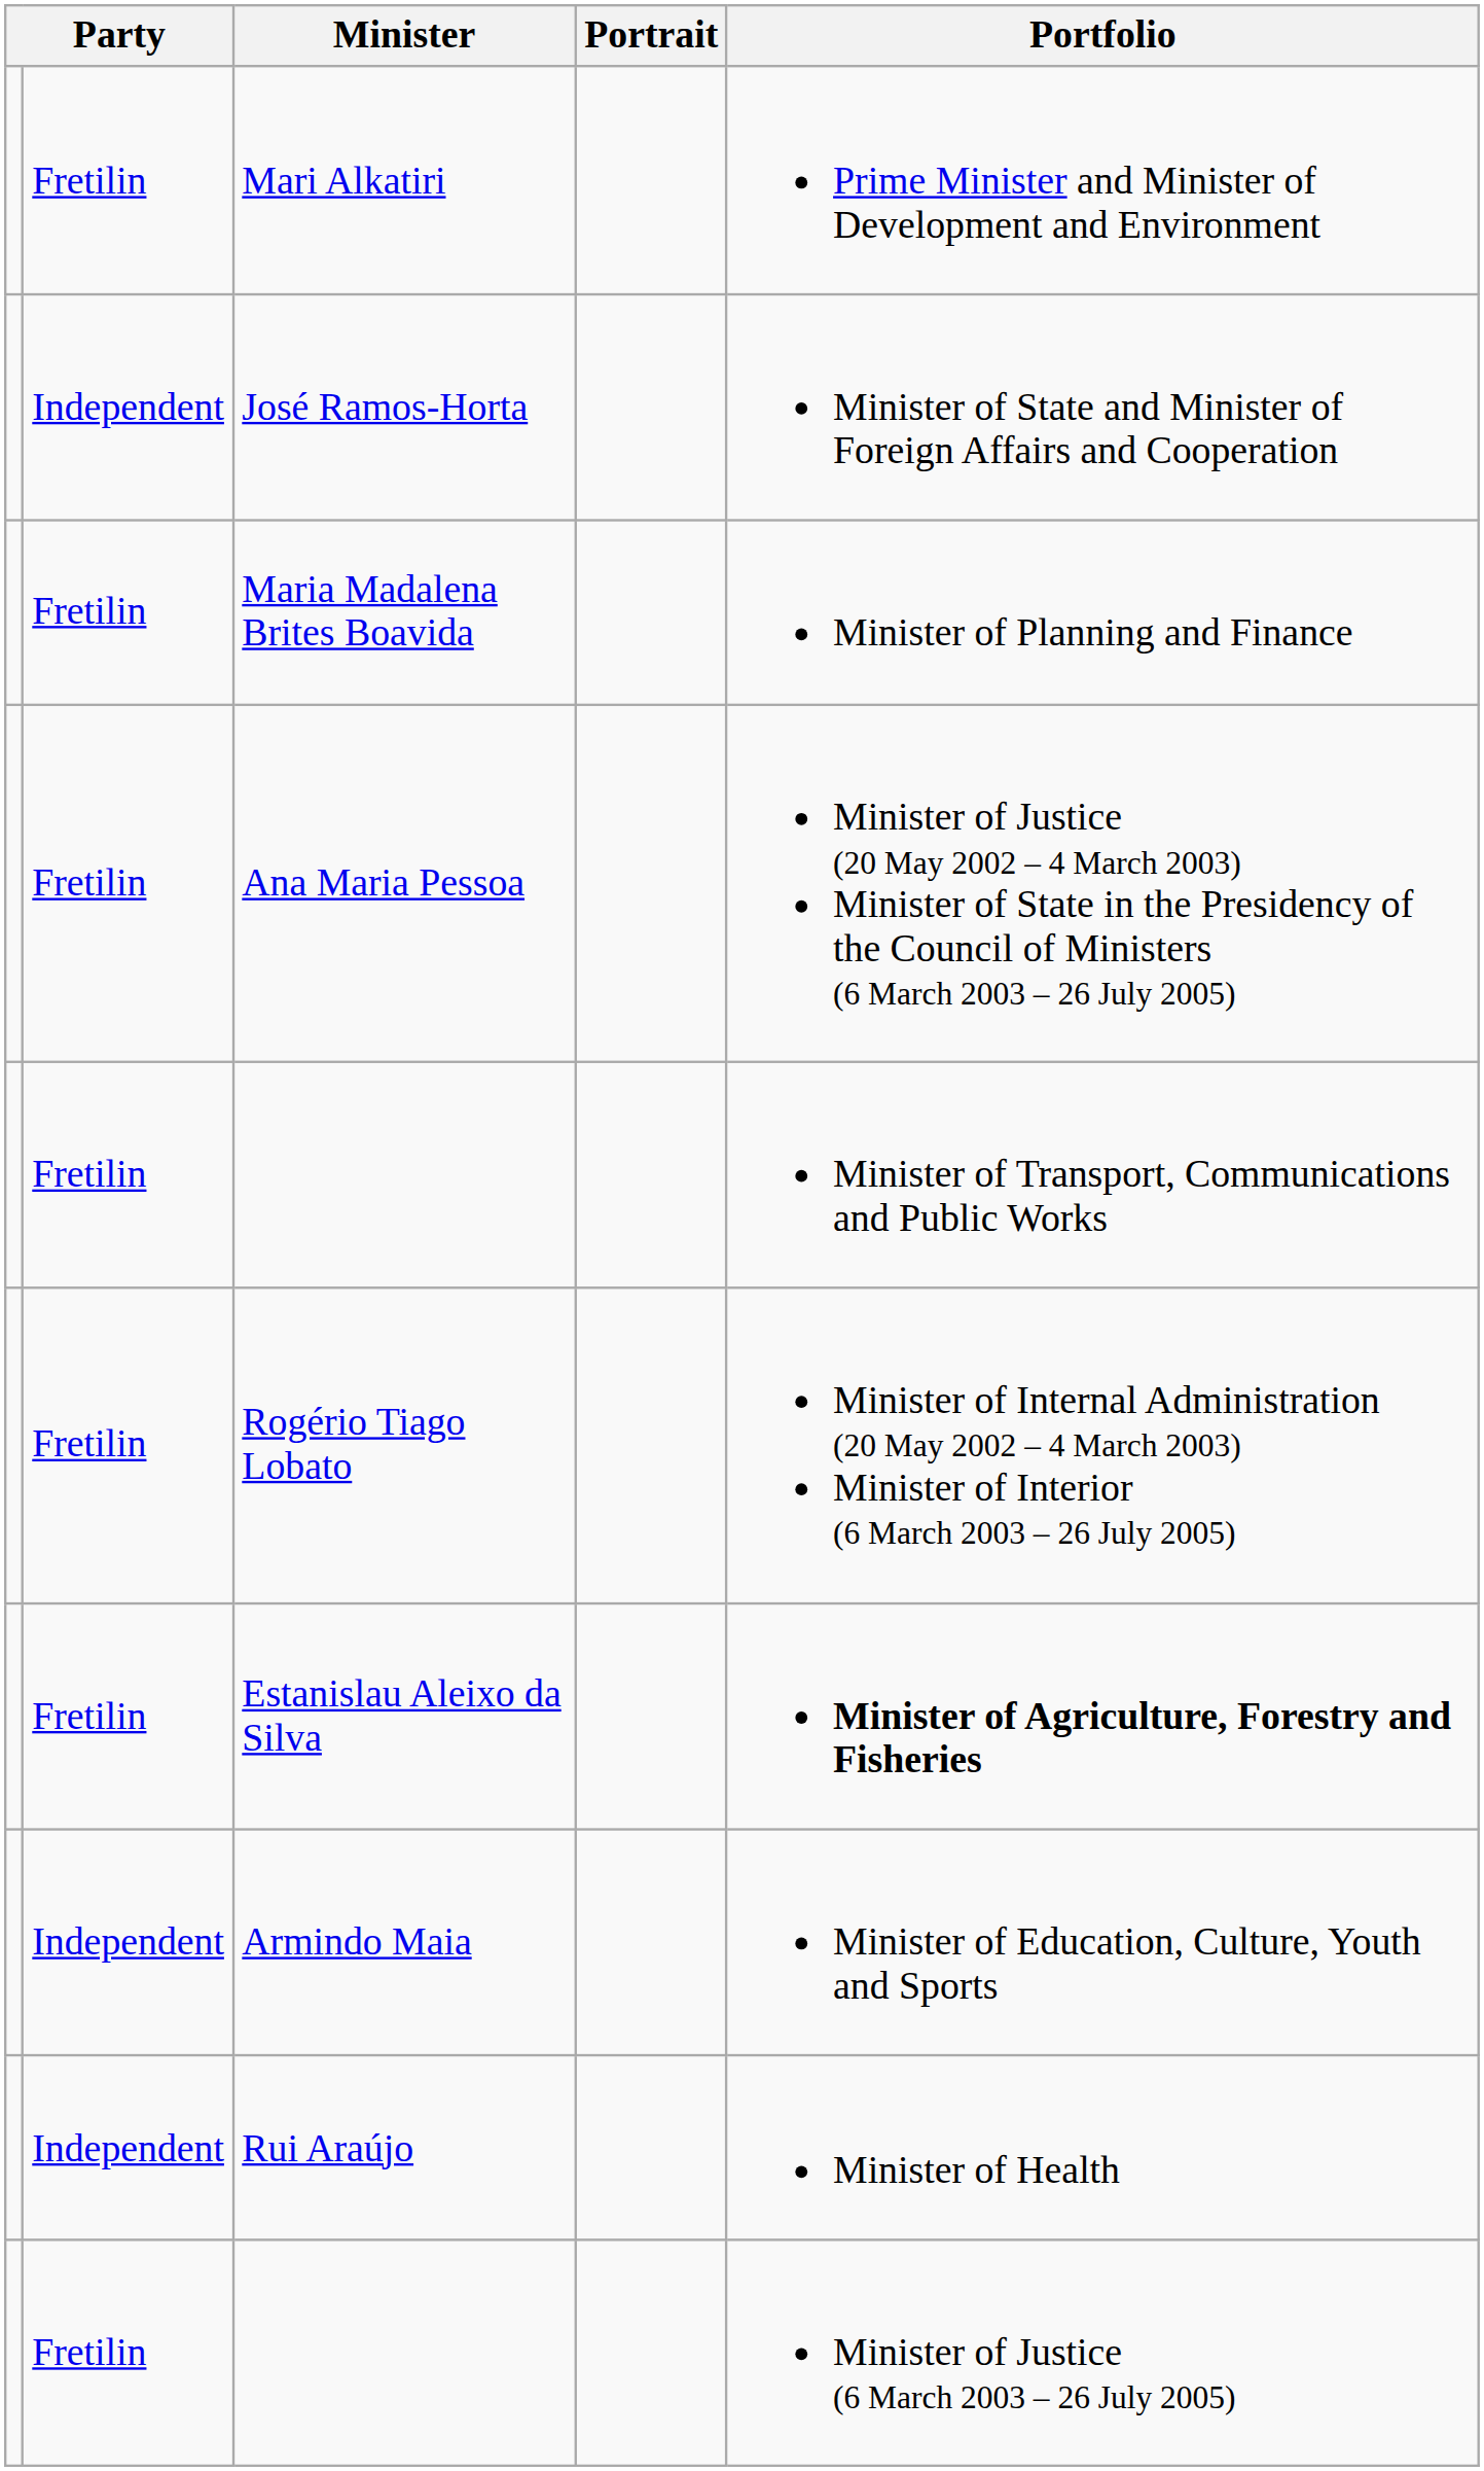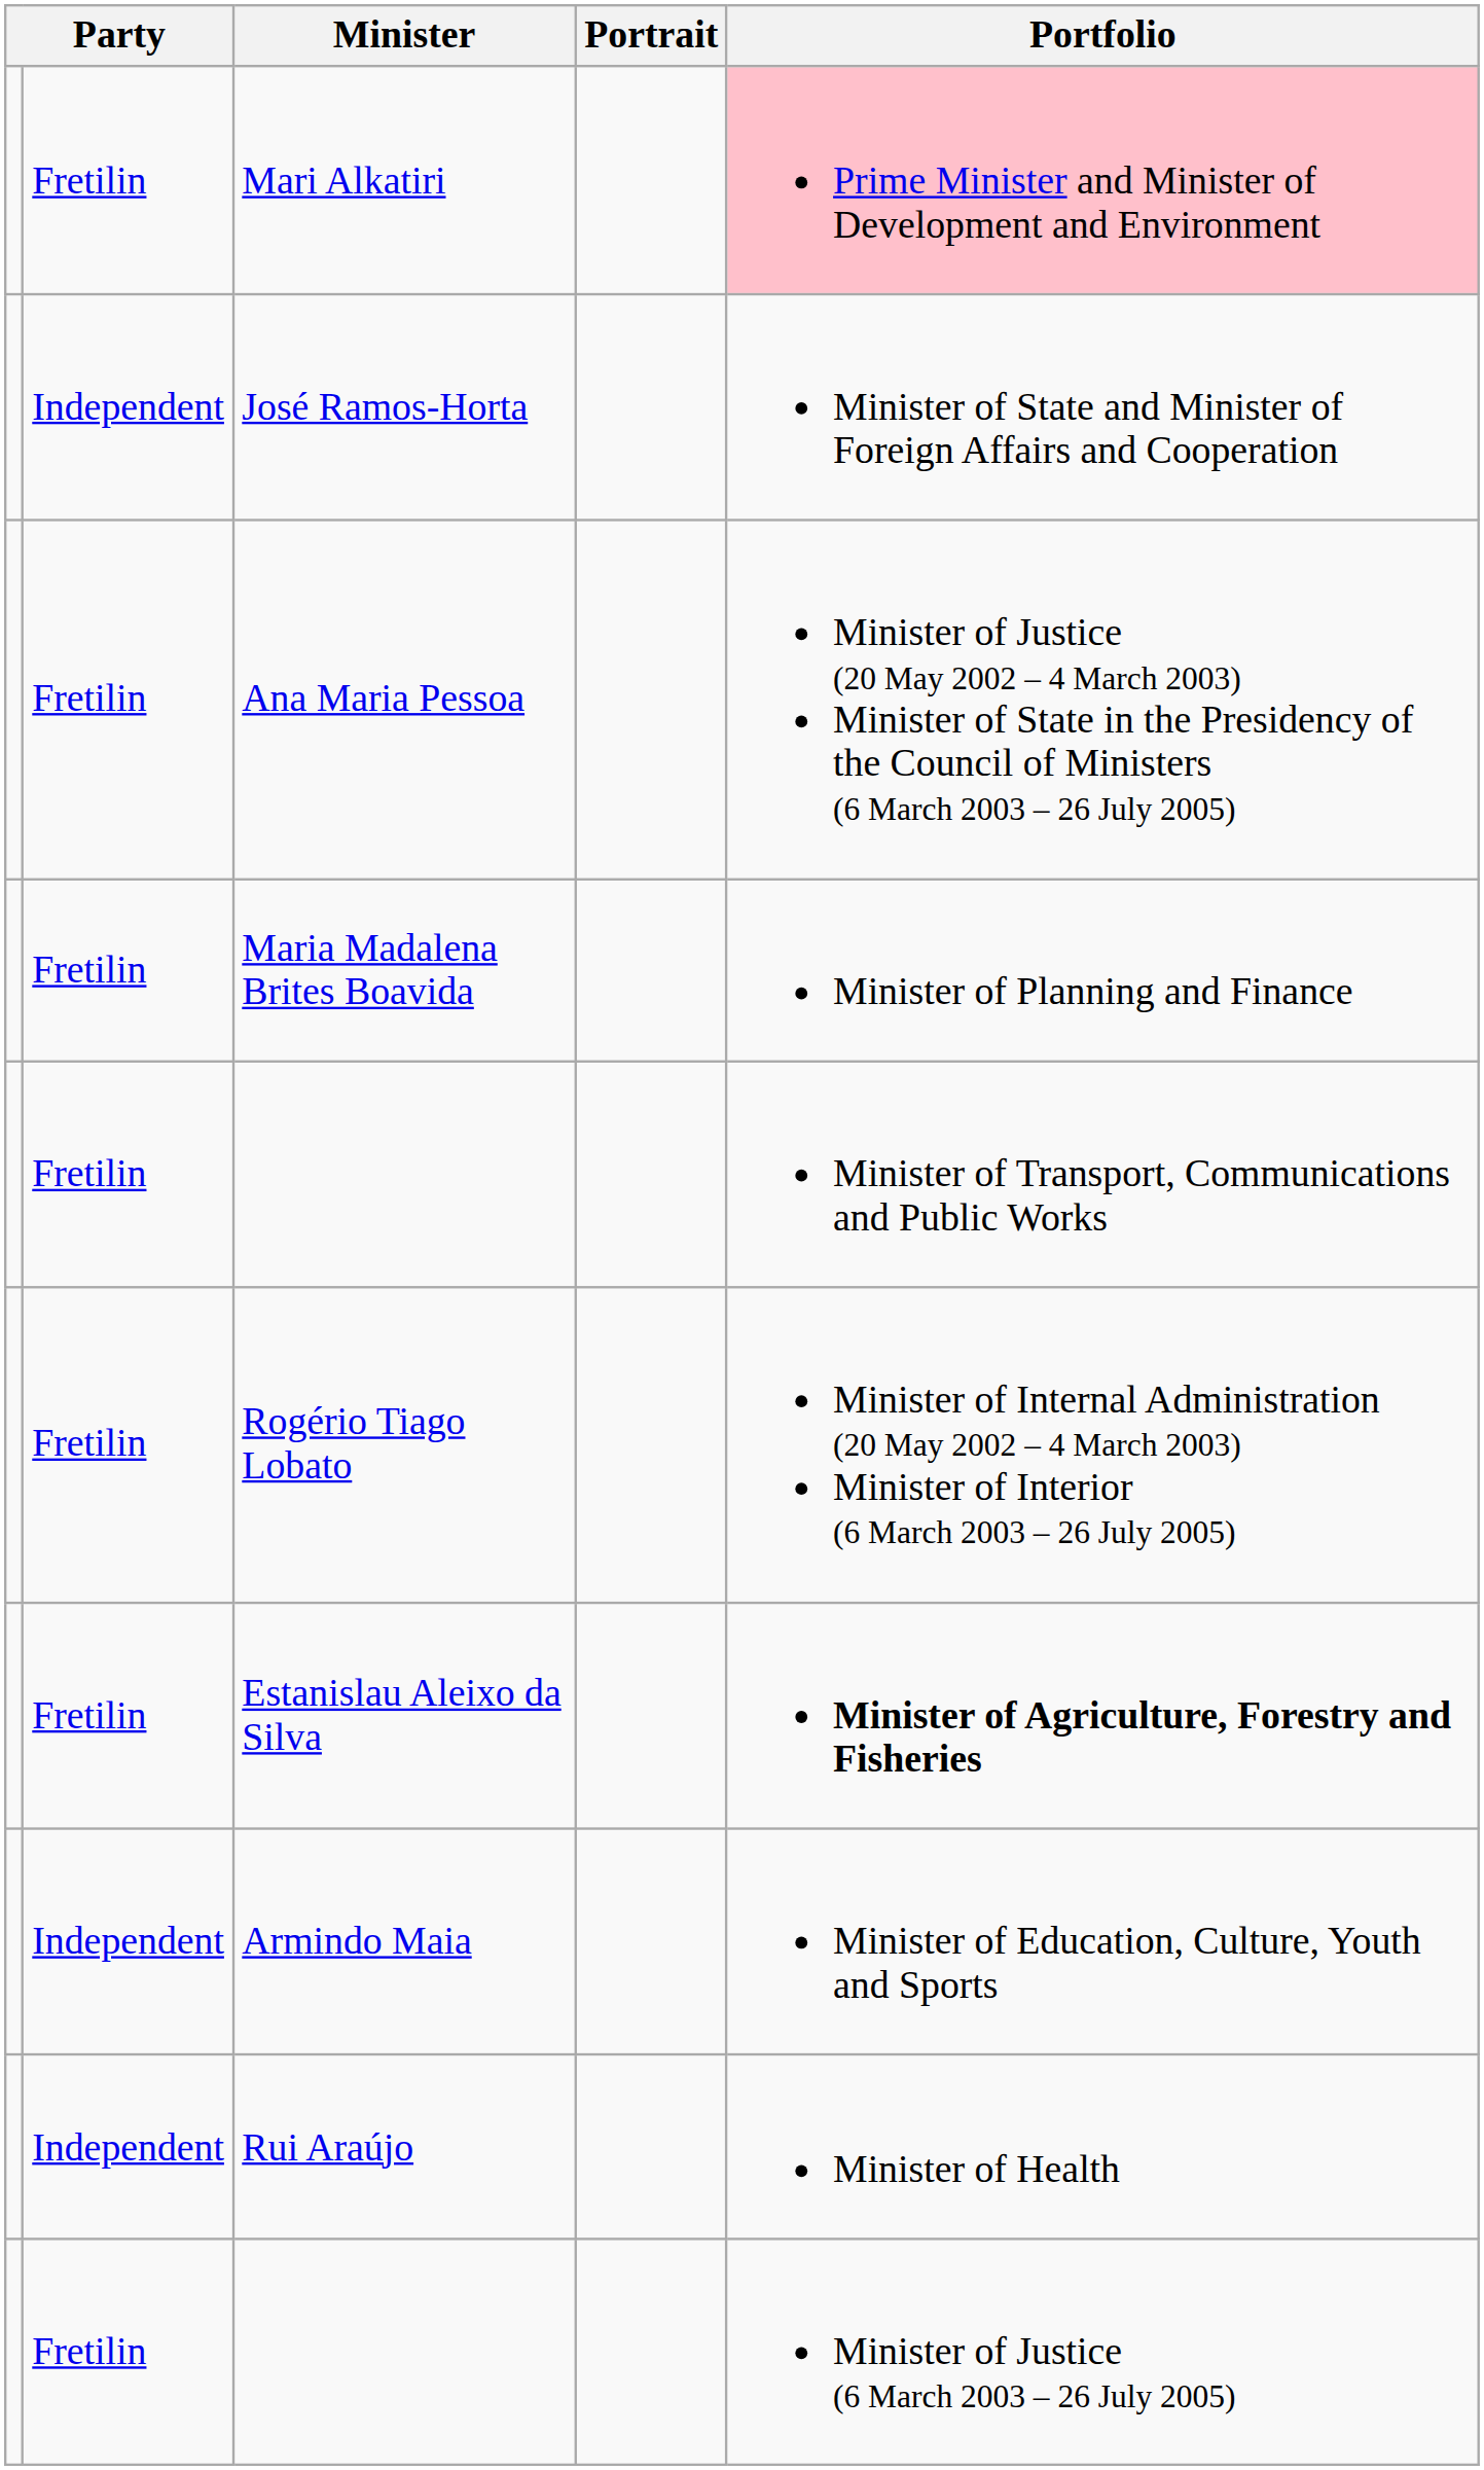 <table class="wikitable sortable">
 <tr>
 <th colspan="2">Party</th>
 <th>Minister</th>
 <th>Portrait</th>
 <th>Portfolio</th>
 </tr>
 <tr>
 <td style="background:"></td>
 <td><a href='#'>Fretilin</a></td>
 <td><a href='#'>Mari Alkatiri</a></td>
 <td></td>
-<td><br><ul><li><a href='#'>Prime Minister</a> and Minister of Development and Environment</li></ul></td>
+<td style="background: pink;"><br><ul><li><a href='#'>Prime Minister</a> and Minister of Development and Environment</li></ul></td>
 </tr>
 <tr>
 <td style="background:"></td>
 <td><a href='#'>Independent</a></td>
 <td><a href='#'>José Ramos-Horta</a></td>
 <td></td>
 <td><br><ul><li>Minister of State and Minister of Foreign Affairs and Cooperation</li></ul></td>
 </tr>
 <tr>
 <td style="background:"></td>
 <td><a href='#'>Fretilin</a></td>
-<td><a href='#'>Maria Madalena Brites Boavida</a></td>
+<td><a href='#'>Ana Maria Pessoa</a></td>
 <td></td>
-<td><br><ul><li>Minister of Planning and Finance</li></ul></td>
+<td><br><ul><li>Minister of Justice<br><small>(20 May 2002 – 4 March 2003)</small></li><li>Minister of State in the Presidency of the Council of Ministers<br><small>(6 March 2003 – 26 July 2005)</small></li></ul></td>
 </tr>
 <tr>
 <td style="background:"></td>
 <td><a href='#'>Fretilin</a></td>
-<td><a href='#'>Ana Maria Pessoa</a></td>
+<td><a href='#'>Maria Madalena Brites Boavida</a></td>
 <td></td>
-<td><br><ul><li>Minister of Justice<br><small>(20 May 2002 – 4 March 2003)</small></li><li>Minister of State in the Presidency of the Council of Ministers<br><small>(6 March 2003 – 26 July 2005)</small></li></ul></td>
+<td><br><ul><li>Minister of Planning and Finance</li></ul></td>
 </tr>
 <tr>
 <td style="background:"></td>
 <td><a href='#'>Fretilin</a></td>
 <td></td>
 <td></td>
 <td><br><ul><li>Minister of Transport, Communications and Public Works</li></ul></td>
 </tr>
 <tr>
 <td style="background:"></td>
 <td><a href='#'>Fretilin</a></td>
 <td><a href='#'>Rogério Tiago Lobato</a></td>
 <td></td>
 <td><br><ul><li>Minister of Internal Administration<br><small>(20 May 2002 – 4 March 2003)</small></li><li>Minister of Interior<br><small>(6 March 2003 – 26 July 2005)</small></li></ul></td>
 </tr>
 <tr>
 <td style="background:"></td>
 <td><a href='#'>Fretilin</a></td>
 <td><a href='#'>Estanislau Aleixo da Silva</a></td>
 <td></td>
 <td><strong><br><ul><li>Minister of Agriculture, Forestry and Fisheries</li></ul></strong></td>
 </tr>
 <tr>
 <td style="background:"></td>
 <td><a href='#'>Independent</a></td>
 <td><a href='#'>Armindo Maia</a></td>
 <td></td>
 <td><br><ul><li>Minister of Education, Culture, Youth and Sports</li></ul></td>
 </tr>
 <tr>
 <td style="background:"></td>
 <td><a href='#'>Independent</a></td>
 <td><a href='#'>Rui Araújo</a></td>
 <td></td>
 <td><br><ul><li>Minister of Health</li></ul></td>
 </tr>
 <tr>
 <td style="background:"></td>
 <td><a href='#'>Fretilin</a></td>
 <td></td>
 <td></td>
 <td><br><ul><li>Minister of Justice<br><small>(6 March 2003 – 26 July 2005)</small></li></ul></td>
 </tr>
 </table>
